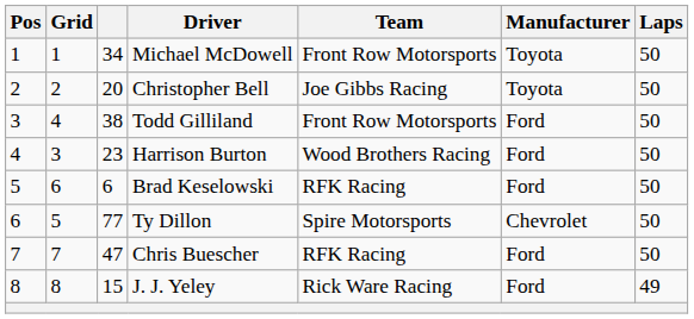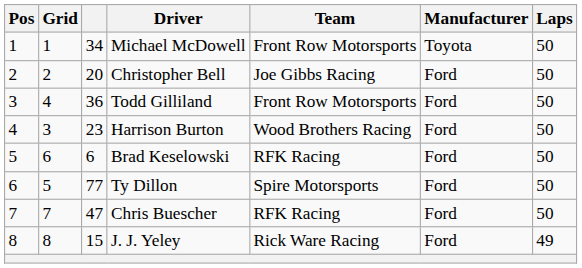 <table class="wikitable" style="font-size:98%">
 <tr>
 <th>Pos</th>
 <th>Grid</th>
 <th></th>
 <th>Driver</th>
 <th>Team</th>
 <th>Manufacturer</th>
 <th>Laps</th>
 </tr>
 <tr>
 <td>1</td>
 <td>1</td>
 <td>34</td>
 <td>Michael McDowell</td>
 <td>Front Row Motorsports</td>
 <td>Toyota</td>
 <td>50</td>
 </tr>
 <tr>
 <td>2</td>
 <td>2</td>
 <td>20</td>
 <td>Christopher Bell</td>
 <td>Joe Gibbs Racing</td>
-<td>Toyota</td>
+<td>Ford</td>
 <td>50</td>
 </tr>
 <tr>
 <td>3</td>
 <td>4</td>
-<td>38</td>
+<td>36</td>
 <td>Todd Gilliland</td>
 <td>Front Row Motorsports</td>
 <td>Ford</td>
 <td>50</td>
 </tr>
 <tr>
 <td>4</td>
 <td>3</td>
 <td>23</td>
 <td>Harrison Burton</td>
 <td>Wood Brothers Racing</td>
 <td>Ford</td>
 <td>50</td>
 </tr>
 <tr>
 <td>5</td>
 <td>6</td>
 <td>6</td>
 <td>Brad Keselowski</td>
 <td>RFK Racing</td>
 <td>Ford</td>
 <td>50</td>
 </tr>
 <tr>
 <td>6</td>
 <td>5</td>
 <td>77</td>
 <td>Ty Dillon</td>
 <td>Spire Motorsports</td>
-<td>Chevrolet</td>
+<td>Ford</td>
 <td>50</td>
 </tr>
 <tr>
 <td>7</td>
 <td>7</td>
 <td>47</td>
 <td>Chris Buescher</td>
 <td>RFK Racing</td>
 <td>Ford</td>
 <td>50</td>
 </tr>
 <tr>
 <td>8</td>
 <td>8</td>
 <td>15</td>
 <td>J. J. Yeley</td>
 <td>Rick Ware Racing</td>
 <td>Ford</td>
 <td>49</td>
 </tr>
 <tr>
 <th colspan="7"></th>
 </tr>
 </table>
